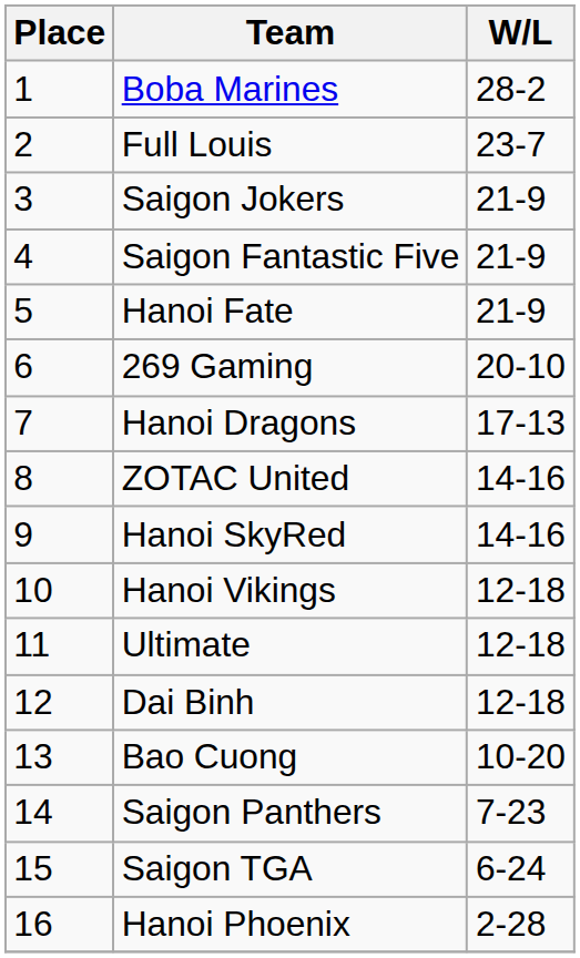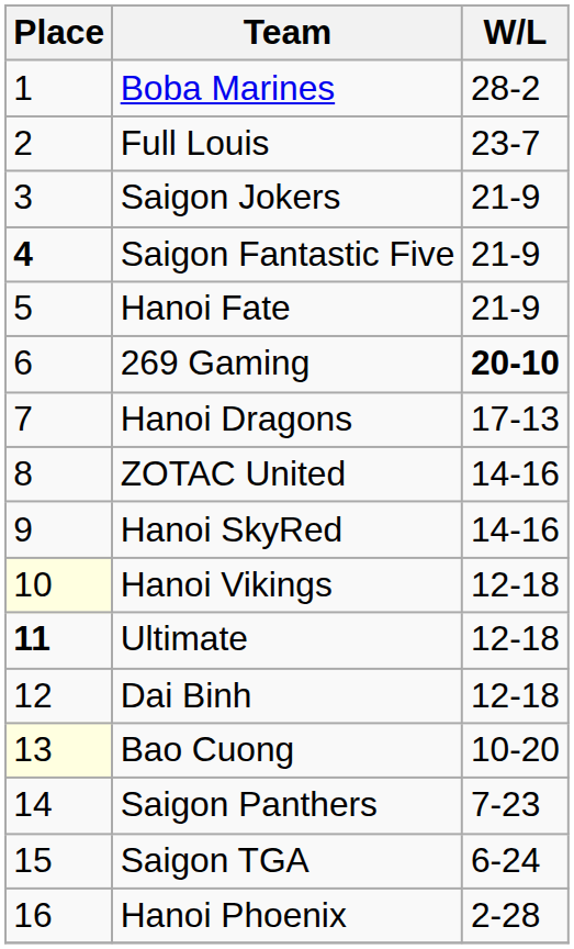 <table class="wikitable" style="text-align:left">
 <tr>
 <th style="text-align:center"><strong>Place</strong></th>
 <th style="text-align:center"><strong>Team</strong></th>
 <th style="text-align:center"><strong>W/L</strong></th>
 </tr>
 <tr>
 <td style="text-align:left;">1</td>
 <td style="text-align:left;"><a href='#'>Boba Marines</a></td>
 <td style="text-align:left;">28-2</td>
 </tr>
 <tr>
 <td style="text-align:left;">2</td>
 <td style="text-align:left;">Full Louis</td>
 <td style="text-align:left;">23-7</td>
 </tr>
 <tr>
 <td style="text-align:left;">3</td>
 <td style="text-align:left;">Saigon Jokers</td>
 <td style="text-align:left;">21-9</td>
 </tr>
 <tr>
-<td style="text-align:left;">4</td>
+<td style="text-align:left;"><strong>4</strong></td>
 <td style="text-align:left;">Saigon Fantastic Five</td>
 <td style="text-align:left;">21-9</td>
 </tr>
 <tr>
 <td style="text-align:left;">5</td>
 <td style="text-align:left;">Hanoi Fate</td>
 <td style="text-align:left;">21-9</td>
 </tr>
 <tr>
 <td style="text-align:left;">6</td>
 <td style="text-align:left;">269 Gaming</td>
-<td style="text-align:left;">20-10</td>
+<td style="text-align:left;"><strong>20-10</strong></td>
 </tr>
 <tr>
 <td style="text-align:left;">7</td>
 <td style="text-align:left;">Hanoi Dragons</td>
 <td style="text-align:left;">17-13</td>
 </tr>
 <tr>
 <td style="text-align:left;">8</td>
 <td style="text-align:left;">ZOTAC United</td>
 <td style="text-align:left;">14-16</td>
 </tr>
 <tr>
 <td style="text-align:left;">9</td>
 <td style="text-align:left;">Hanoi SkyRed</td>
 <td style="text-align:left;">14-16</td>
 </tr>
 <tr>
-<td style="text-align:left;">10</td>
+<td style="background: lightyellow; text-align:left;">10</td>
 <td style="text-align:left;">Hanoi Vikings</td>
 <td style="text-align:left;">12-18</td>
 </tr>
 <tr>
-<td style="text-align:left;">11</td>
+<td style="text-align:left;"><strong>11</strong></td>
 <td style="text-align:left;">⁠Ultimate</td>
 <td style="text-align:left;">12-18</td>
 </tr>
 <tr>
 <td style="text-align:left;">12</td>
 <td style="text-align:left;">Dai Binh</td>
 <td style="text-align:left;">12-18</td>
 </tr>
 <tr>
-<td style="text-align:left;">13</td>
+<td style="background: lightyellow; text-align:left;">13</td>
 <td style="text-align:left;">Bao Cuong</td>
 <td style="text-align:left;">10-20</td>
 </tr>
 <tr>
 <td style="text-align:left;">14</td>
 <td style="text-align:left;">Saigon Panthers</td>
 <td style="text-align:left;">7-23</td>
 </tr>
 <tr>
 <td style="text-align:left;">15</td>
 <td style="text-align:left;">Saigon TGA</td>
 <td style="text-align:left;">6-24</td>
 </tr>
 <tr>
 <td style="text-align:left;">16</td>
 <td style="text-align:left;">Hanoi Phoenix</td>
 <td style="text-align:left;">2-28</td>
 </tr>
 <tr>
 </tr>
 </table>
